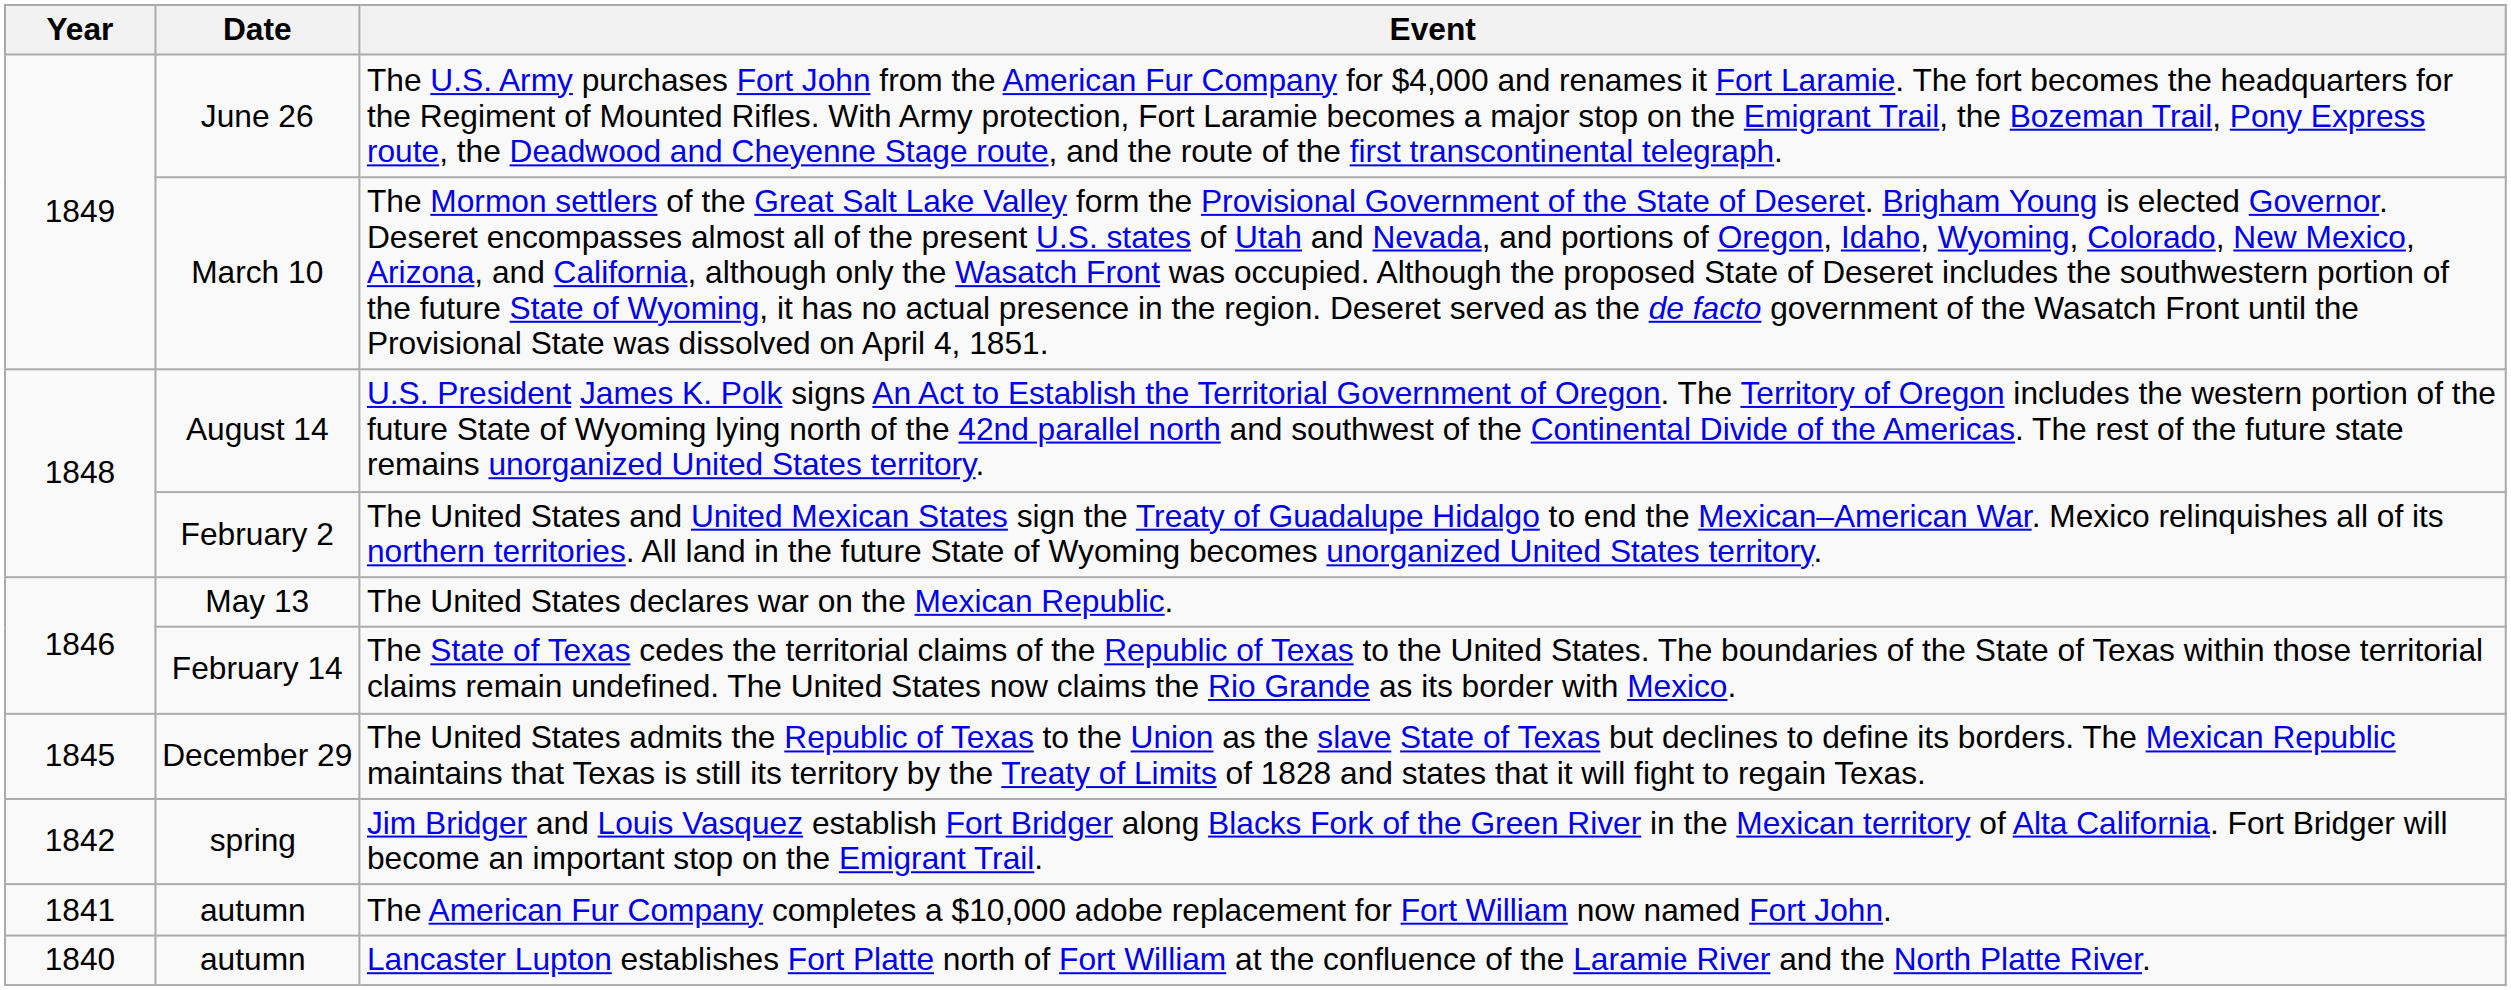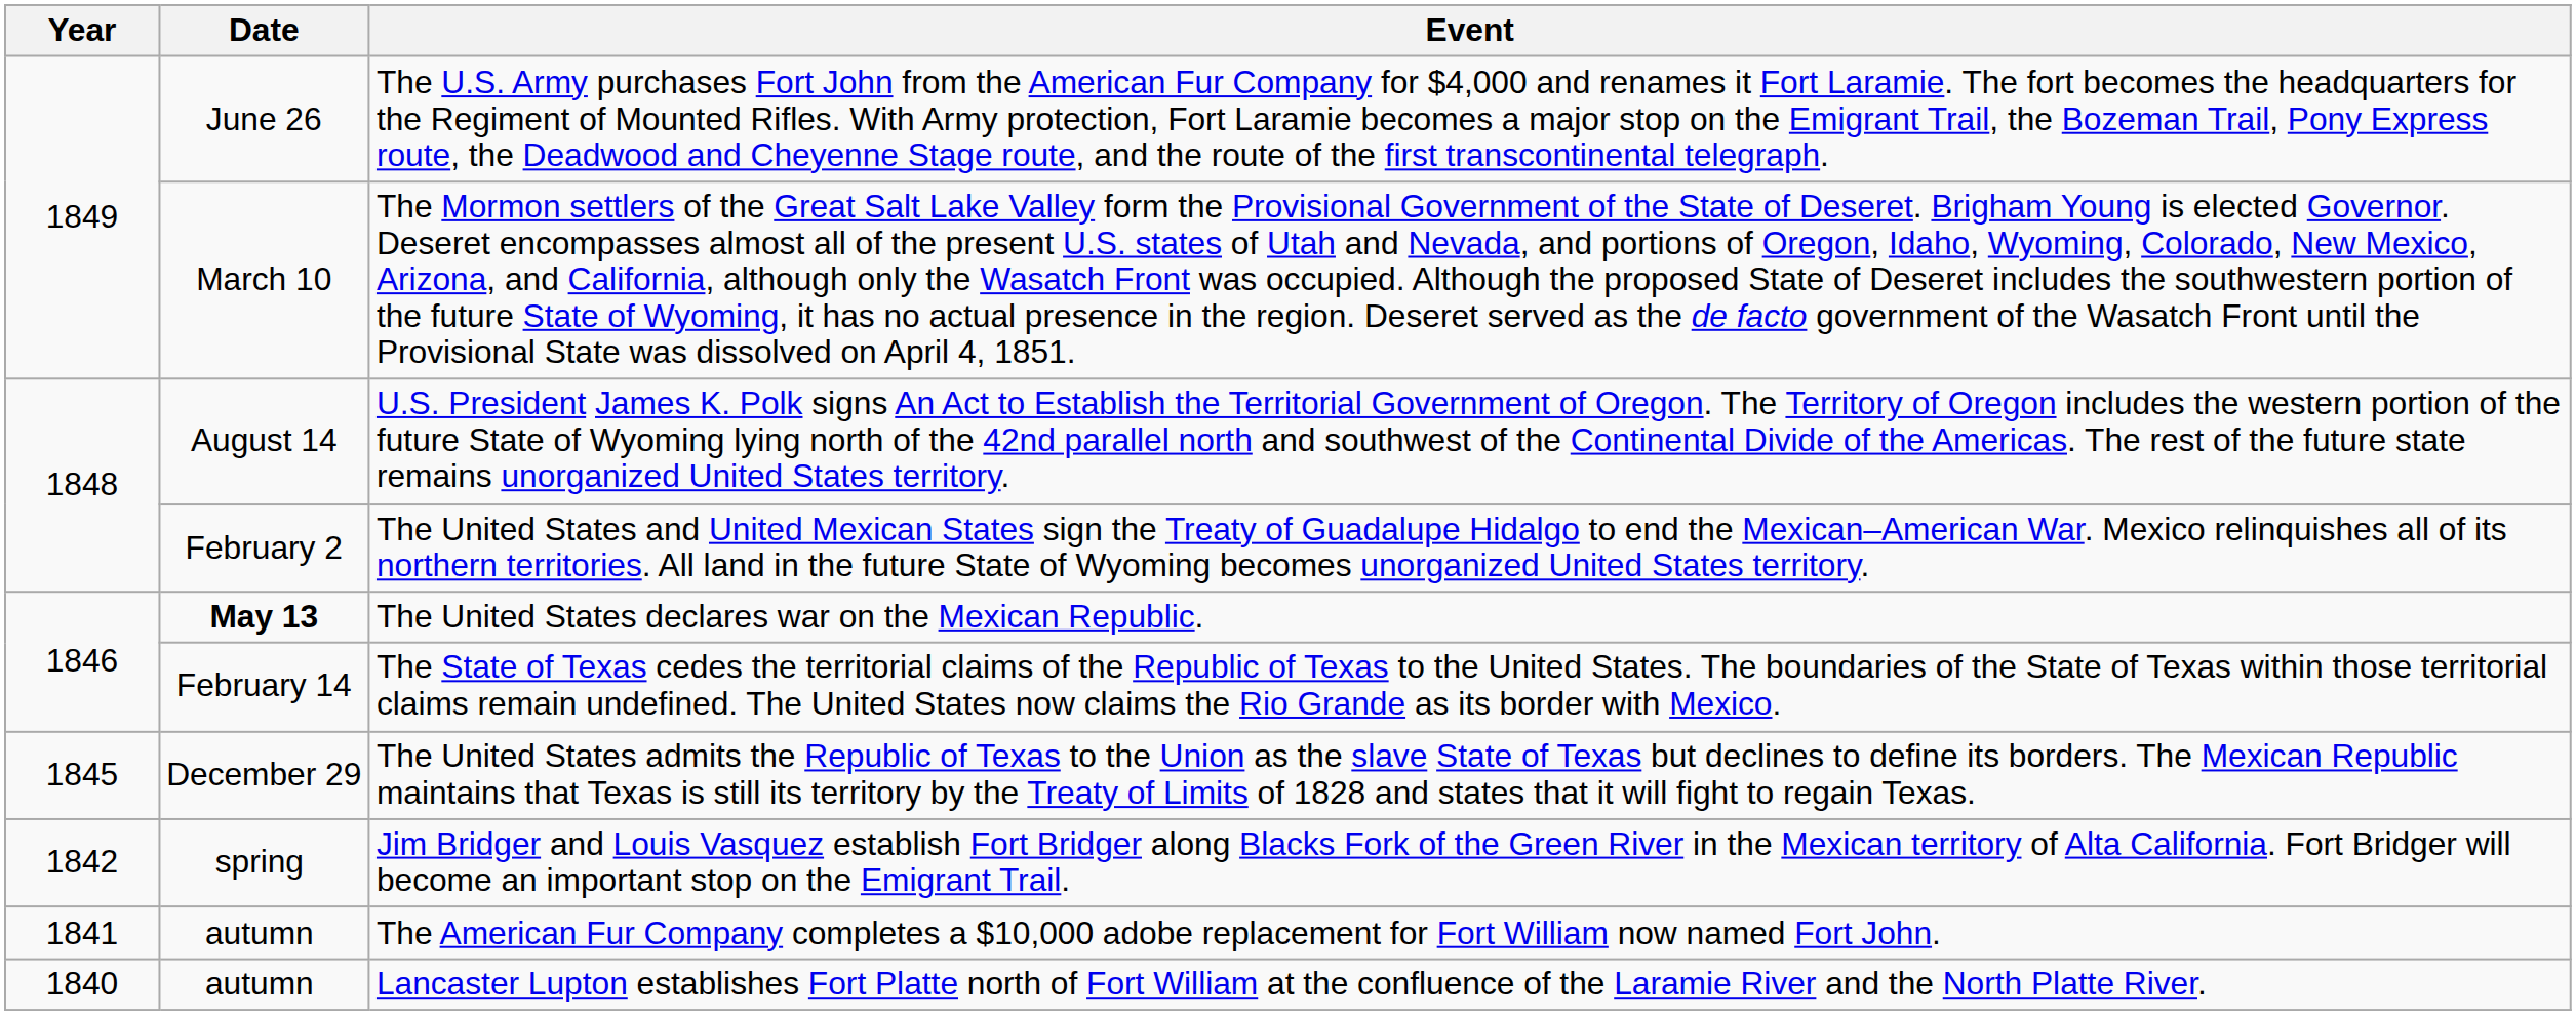 <table class="wikitable" style="width:100%;">
 <tr>
 <th style="width:6%">Year</th>
 <th style="width:8%">Date</th>
 <th style="width:86%">Event</th>
 </tr>
 <tr>
 <td align=center rowspan=2>1849</td>
 <td align=center>June 26</td>
 <td>The <a href='#'>U.S. Army</a> purchases <a href='#'>Fort John</a> from the <a href='#'>American Fur Company</a> for $4,000 and renames it <a href='#'>Fort Laramie</a>. The fort becomes the headquarters for the Regiment of Mounted Rifles.  With Army protection, Fort Laramie becomes a major stop on the <a href='#'>Emigrant Trail</a>, the <a href='#'>Bozeman Trail</a>, <a href='#'>Pony Express route</a>, the <a href='#'>Deadwood and Cheyenne Stage route</a>, and the route of the <a href='#'>first transcontinental telegraph</a>.</td>
 </tr>
 <tr>
 <td align=center>March 10</td>
 <td>The <a href='#'>Mormon settlers</a> of the <a href='#'>Great Salt Lake Valley</a> form the <a href='#'>Provisional Government of the State of Deseret</a>. <a href='#'>Brigham Young</a> is elected <a href='#'>Governor</a>. Deseret encompasses almost all of the present <a href='#'>U.S. states</a> of <a href='#'>Utah</a> and <a href='#'>Nevada</a>, and portions of <a href='#'>Oregon</a>, <a href='#'>Idaho</a>, <a href='#'>Wyoming</a>, <a href='#'>Colorado</a>, <a href='#'>New Mexico</a>, <a href='#'>Arizona</a>, and <a href='#'>California</a>, although only the <a href='#'>Wasatch Front</a> was occupied. Although the proposed State of Deseret includes the southwestern portion of the future <a href='#'>State of Wyoming</a>, it has no actual presence in the region. Deseret served as the <em><a href='#'>de facto</a></em> government of the Wasatch Front until the Provisional State was dissolved on April 4, 1851.</td>
 </tr>
 <tr>
 <td align=center rowspan=2>1848</td>
 <td align=center>August 14</td>
 <td><a href='#'>U.S. President</a> <a href='#'>James K. Polk</a> signs <a href='#'>An Act to Establish the Territorial Government of Oregon</a>.  The <a href='#'>Territory of Oregon</a> includes the western portion of the future State of Wyoming lying north of the <a href='#'>42nd parallel north</a> and southwest of the <a href='#'>Continental Divide of the Americas</a>.  The rest of the future state remains <a href='#'>unorganized United States territory</a>.</td>
 </tr>
 <tr>
 <td align=center>February 2</td>
 <td>The United States and <a href='#'>United Mexican States</a> sign the <a href='#'>Treaty of Guadalupe Hidalgo</a> to end the <a href='#'>Mexican–American War</a>.  Mexico relinquishes all of its <a href='#'>northern territories</a>.  All land in the future State of Wyoming becomes <a href='#'>unorganized United States territory</a>.</td>
 </tr>
 <tr>
 <td align=center rowspan=2>1846</td>
-<td align=center>May 13</td>
+<td align=center><strong>May 13</strong></td>
 <td>The United States declares war on the <a href='#'>Mexican Republic</a>.</td>
 </tr>
 <tr>
 <td align=center>February 14</td>
 <td>The <a href='#'>State of Texas</a> cedes the territorial claims of the <a href='#'>Republic of Texas</a> to the United States.  The boundaries of the State of Texas within those territorial claims remain undefined.  The United States now claims the <a href='#'>Rio Grande</a> as its border with <a href='#'>Mexico</a>.</td>
 </tr>
 <tr>
 <td align=center rowspan=1>1845</td>
 <td align=center>December 29</td>
 <td>The United States admits the <a href='#'>Republic of Texas</a> to the <a href='#'>Union</a> as the <a href='#'>slave</a> <a href='#'>State of Texas</a> but declines to define its borders.  The <a href='#'>Mexican Republic</a> maintains that Texas is still its territory by the <a href='#'>Treaty of Limits</a> of 1828 and states that it will fight to regain Texas.</td>
 </tr>
 <tr>
 <td align=center rowspan=1>1842</td>
 <td align=center>spring </td>
 <td><a href='#'>Jim Bridger</a> and <a href='#'>Louis Vasquez</a> establish <a href='#'>Fort Bridger</a> along <a href='#'>Blacks Fork of the Green River</a> in the <a href='#'>Mexican territory</a> of <a href='#'>Alta California</a>. Fort Bridger will become an important stop on the <a href='#'>Emigrant Trail</a>.</td>
 </tr>
 <tr>
 <td align=center rowspan=1>1841</td>
 <td align=center>autumn </td>
 <td>The <a href='#'>American Fur Company</a> completes a $10,000 adobe replacement for <a href='#'>Fort William</a> now named <a href='#'>Fort John</a>.</td>
 </tr>
 <tr>
 <td align=center rowspan=1>1840</td>
 <td align=center>autumn </td>
 <td><a href='#'>Lancaster Lupton</a> establishes <a href='#'>Fort Platte</a>  north of <a href='#'>Fort William</a> at the confluence of the <a href='#'>Laramie River</a> and the <a href='#'>North Platte River</a>.</td>
 </tr>
 </table>
